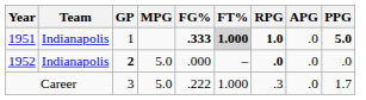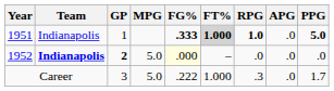 <table class="wikitable sortable" style="font-size:95%; text-align:right;">
 <tr>
 <th>Year</th>
 <th>Team</th>
 <th>GP</th>
 <th>MPG</th>
 <th>FG%</th>
 <th>FT%</th>
 <th>RPG</th>
 <th>APG</th>
 <th>PPG</th>
 </tr>
 <tr>
 <td style="text-align:left;"><a href='#'>1951</a></td>
 <td style="text-align:left;"><a href='#'>Indianapolis</a></td>
 <td>1</td>
 <td></td>
 <td><strong>.333</strong></td>
 <td style="background: lightgrey;"><strong>1.000</strong></td>
 <td><strong>1.0</strong></td>
 <td>.0</td>
 <td><strong>5.0</strong></td>
 </tr>
 <tr>
 <td style="text-align:left;"><a href='#'>1952</a></td>
-<td style="text-align:left;"><a href='#'>Indianapolis</a></td>
+<td style="text-align:left;"><strong><a href='#'>Indianapolis</a></strong></td>
 <td><strong>2</strong></td>
 <td>5.0</td>
-<td>.000</td>
+<td style="background: lightyellow;">.000</td>
 <td>–</td>
-<td><strong>.0</strong></td>
+<td>.0</td>
 <td>.0</td>
 <td>.0</td>
 </tr>
 <tr class="sortbottom">
 <td style="text-align:center;" colspan="2">Career</td>
 <td>3</td>
 <td>5.0</td>
 <td>.222</td>
 <td>1.000</td>
 <td>.3</td>
 <td>.0</td>
 <td>1.7</td>
 </tr>
 </table>
